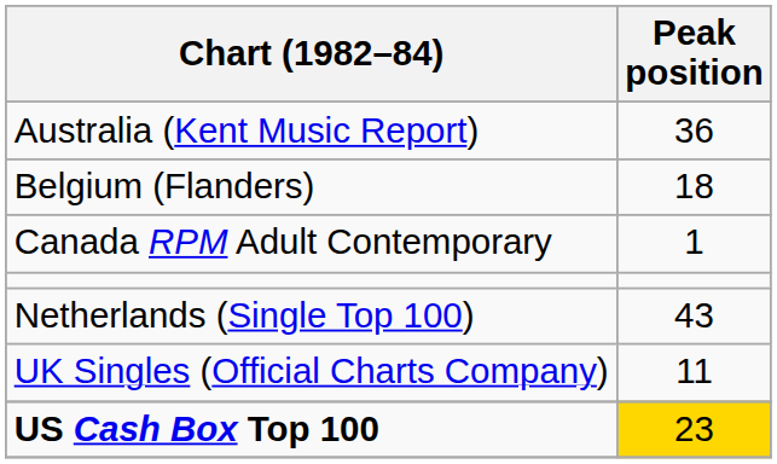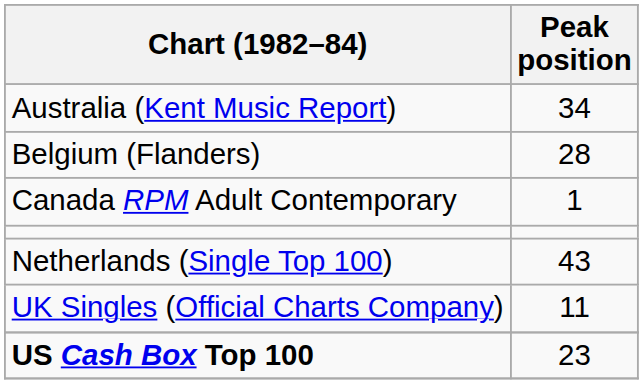 <table class="wikitable sortable">
 <tr>
 <th align="left">Chart (1982–84)</th>
 <th align="left">Peak<br>position</th>
 </tr>
 <tr>
 <td>Australia (<a href='#'>Kent Music Report</a>)</td>
-<td style="text-align:center;">36</td>
+<td style="text-align:center;">34</td>
 </tr>
 <tr>
 <td>Belgium (Flanders)</td>
-<td style="text-align:center;">18</td>
+<td style="text-align:center;">28</td>
 </tr>
 <tr>
 <td>Canada <em><a href='#'>RPM</a></em> Adult Contemporary</td>
 <td style="text-align:center;">1</td>
 </tr>
 <tr>
 <td></td>
 </tr>
 <tr>
 <td>Netherlands (<a href='#'>Single Top 100</a>)</td>
 <td style="text-align:center;">43</td>
 </tr>
 <tr>
 <td><a href='#'>UK Singles</a> (<a href='#'>Official Charts Company</a>)</td>
 <td style="text-align:center;">11</td>
 </tr>
 <tr>
 </tr>
 <tr>
 </tr>
 <tr>
 </tr>
 <tr>
 <td><strong>US <em><a href='#'>Cash Box</a></em> Top 100</strong></td>
-<td style="background: gold; text-align:center;">23</td>
+<td style="text-align:center;">23</td>
 </tr>
 <tr>
 </tr>
 </table>
